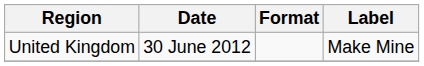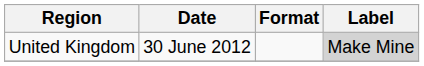 <table class=wikitable>
 <tr>
 <th>Region</th>
 <th>Date</th>
 <th>Format</th>
 <th>Label</th>
 </tr>
 <tr>
 <td>United Kingdom</td>
 <td>30 June 2012</td>
 <td></td>
-<td>Make Mine</td>
+<td style="background: lightgrey;">Make Mine</td>
 </tr>
 <tr>
 </tr>
 </table>
